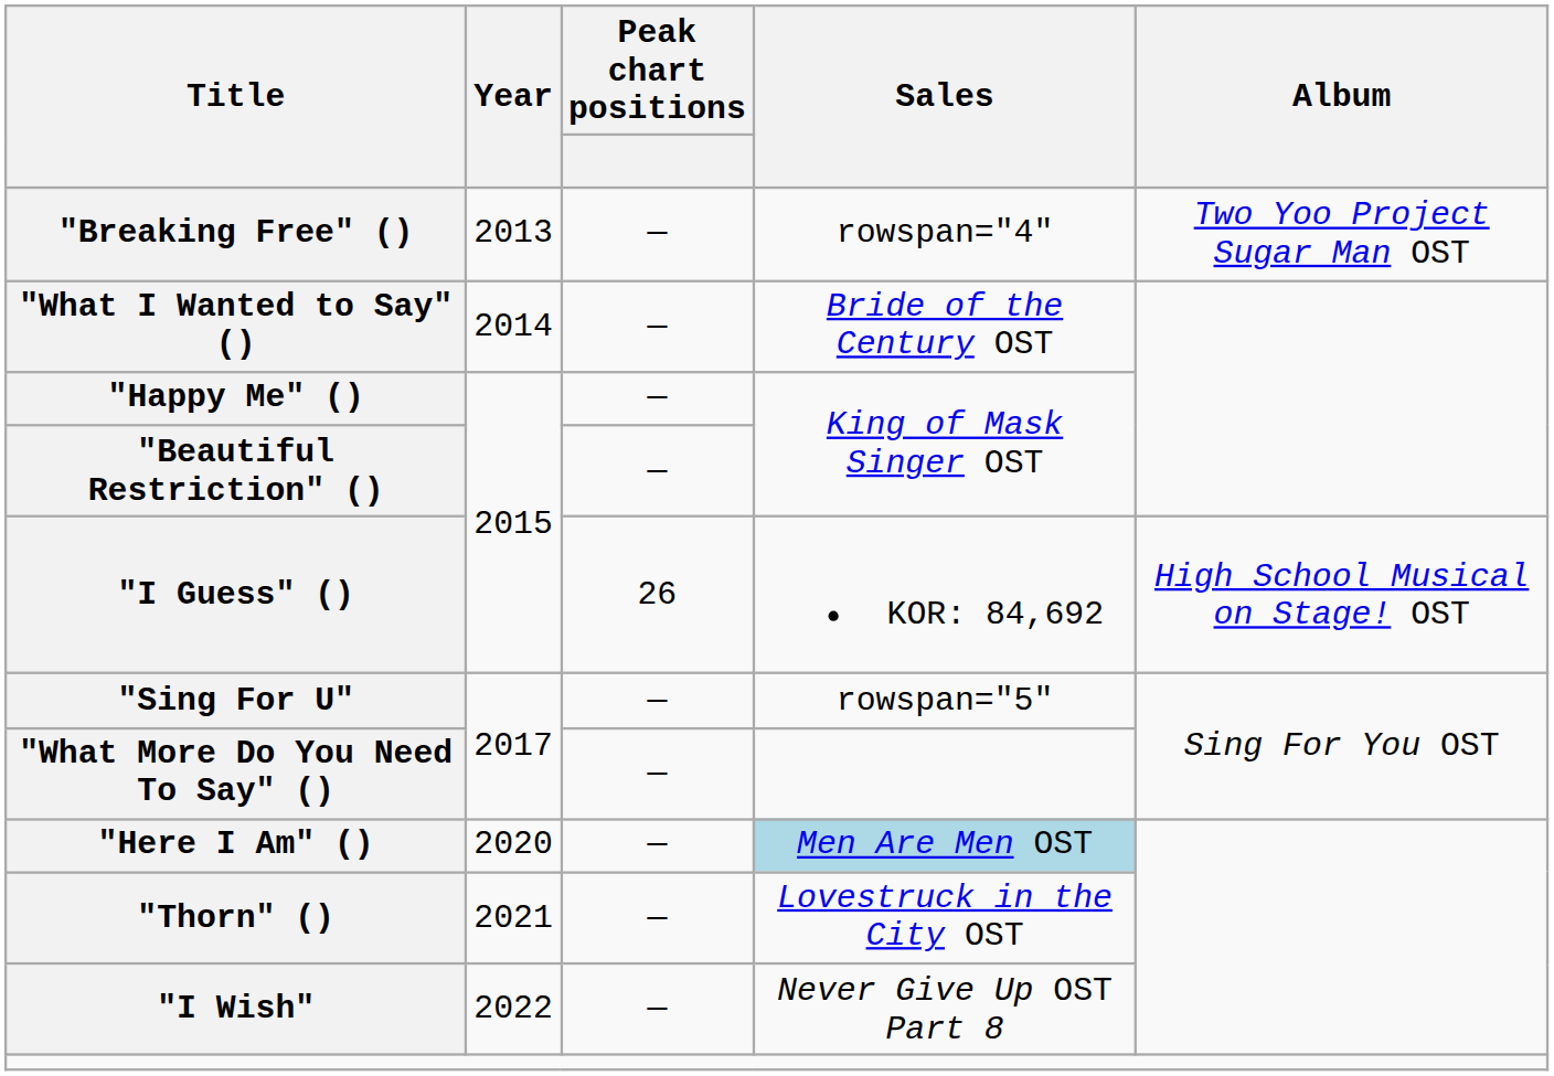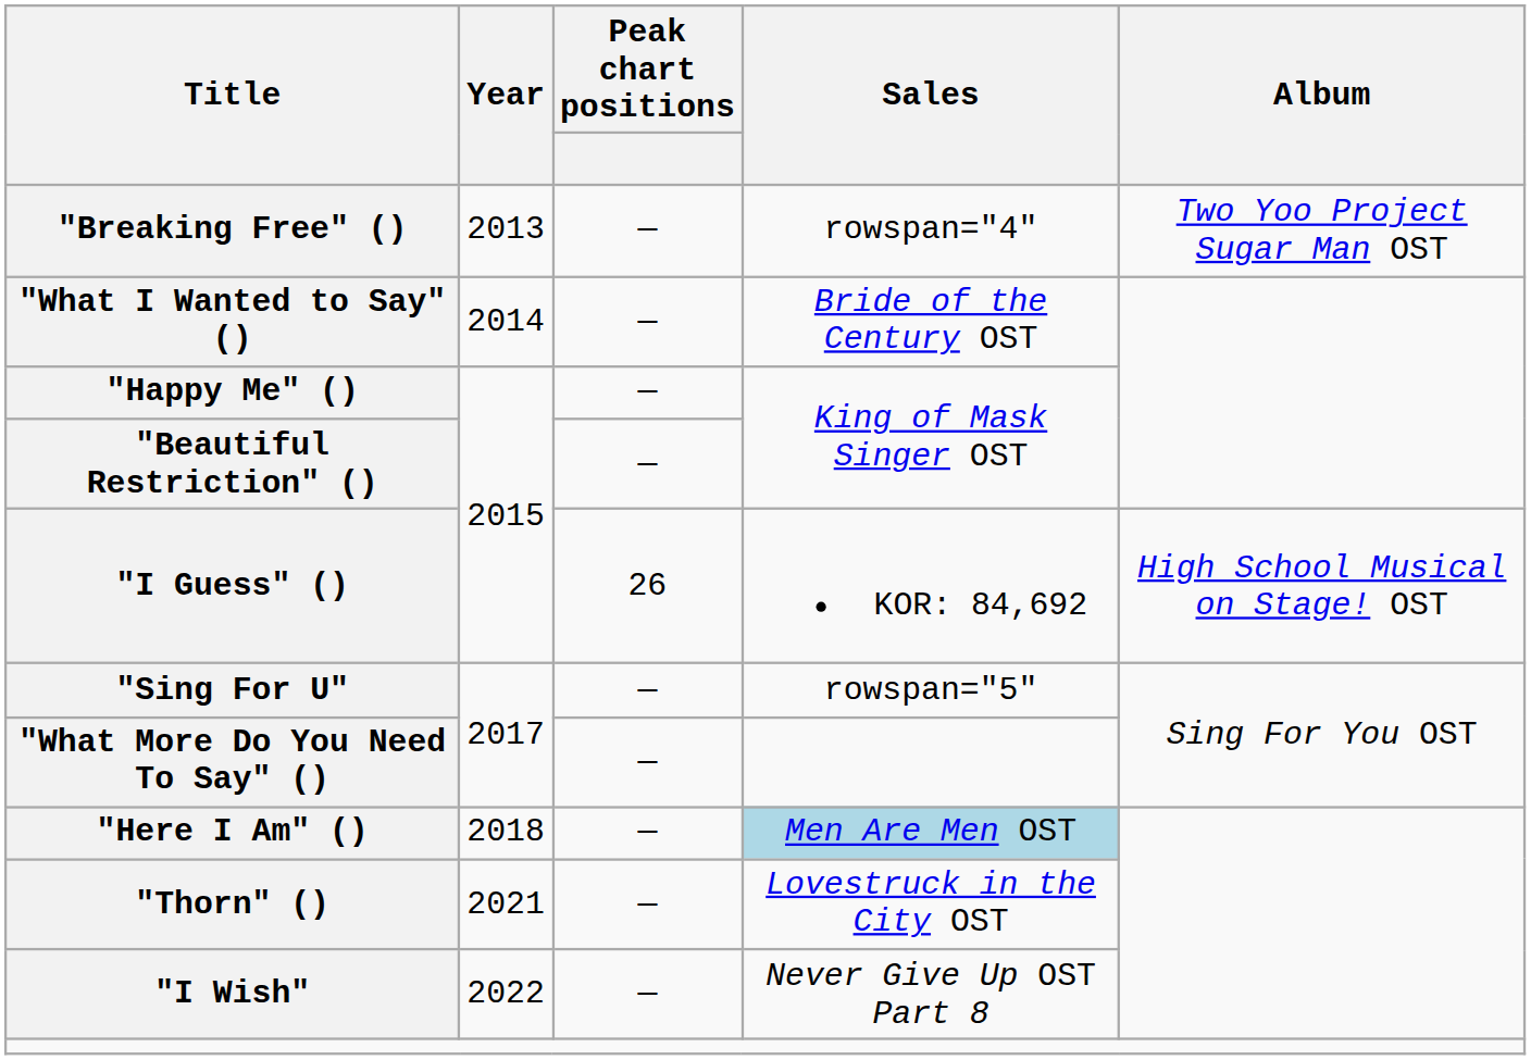 <table class="wikitable plainrowheaders" style="text-align:center">
 <tr>
 <th scope="col" rowspan="2">Title</th>
 <th scope="col" rowspan="2">Year</th>
 <th scope="col" style="width:5em">Peak chart positions</th>
 <th scope="col" rowspan="2">Sales</th>
 <th scope="col" rowspan="2">Album</th>
 </tr>
 <tr>
 <th><br></th>
 </tr>
 <tr>
 <th scope="row">"Breaking Free" ()<br></th>
 <td>2013</td>
 <td>—</td>
 <td>rowspan="4" </td>
 <td><em><a href='#'>Two Yoo Project Sugar Man</a></em> OST</td>
 </tr>
 <tr>
 <th scope="row">"What I Wanted to Say" ()</th>
 <td>2014</td>
 <td>—</td>
 <td><em><a href='#'>Bride of the Century</a></em> OST</td>
 </tr>
 <tr>
 <th scope="row">"Happy Me" ()<br></th>
 <td rowspan="3">2015</td>
 <td>—</td>
 <td rowspan="2"><em><a href='#'>King of Mask Singer</a></em> OST</td>
 </tr>
 <tr>
 <th scope="row">"Beautiful Restriction" ()</th>
 <td>—</td>
 </tr>
 <tr>
 <th scope="row">"I Guess" ()<br></th>
 <td>26</td>
 <td><br><ul><li>KOR: 84,692</li></ul></td>
 <td><em><a href='#'>High School Musical on Stage!</a></em> OST</td>
 </tr>
 <tr>
 <th scope="row">"Sing For U"<br></th>
 <td rowspan="2">2017</td>
 <td>—</td>
 <td>rowspan="5" </td>
 <td rowspan="2"><em>Sing For You</em> OST</td>
 </tr>
 <tr>
 <th scope="row">"What More Do You Need To Say" ()</th>
 <td>—</td>
 </tr>
 <tr>
 <th scope="row">"Here I Am" ()</th>
-<td>2020</td>
+<td>2018</td>
 <td>—</td>
 <td style="background: lightblue;"><em><a href='#'>Men Are Men</a></em> OST</td>
 </tr>
 <tr>
 <th scope="row">"Thorn" ()</th>
 <td>2021</td>
 <td>—</td>
 <td><em><a href='#'>Lovestruck in the City</a></em> OST</td>
 </tr>
 <tr>
 <th scope="row">"I Wish"</th>
 <td>2022</td>
 <td>—</td>
 <td><em>Never Give Up</em> OST <em>Part 8</em></td>
 </tr>
 <tr>
 <td colspan="5"></td>
 </tr>
 </table>
